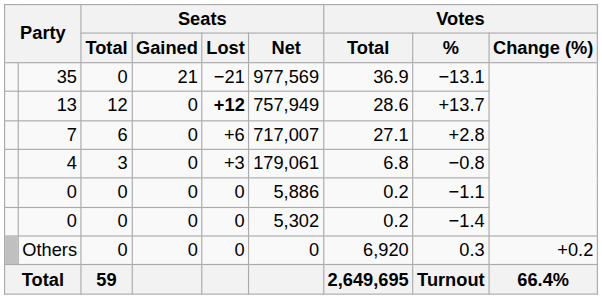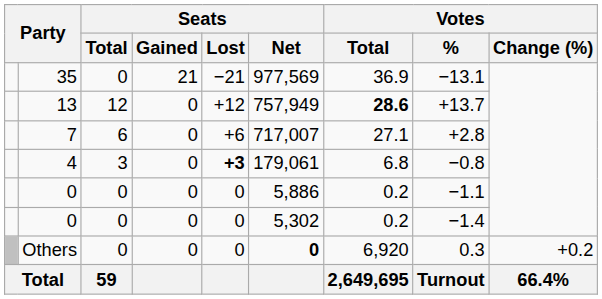 <table class="wikitable" style="text-align:right;">
 <tr>
 <th colspan="2" rowspan="2">Party</th>
 <th colspan="4">Seats</th>
 <th colspan="3">Votes</th>
 </tr>
 <tr>
 <th>Total</th>
 <th>Gained</th>
 <th>Lost</th>
 <th>Net</th>
 <th>Total</th>
 <th>%</th>
 <th>Change (%)</th>
 </tr>
 <tr>
 <td></td>
 <td>35</td>
 <td>0</td>
 <td>21</td>
 <td>−21</td>
 <td>977,569</td>
 <td>36.9</td>
 <td>−13.1</td>
 </tr>
 <tr>
 <td></td>
 <td>13</td>
 <td>12</td>
 <td>0</td>
-<td><strong>+12</strong></td>
+<td>+12</td>
 <td>757,949</td>
-<td>28.6</td>
+<td><strong>28.6</strong></td>
 <td>+13.7</td>
 </tr>
 <tr>
 <td></td>
 <td>7</td>
 <td>6</td>
 <td>0</td>
 <td>+6</td>
 <td>717,007</td>
 <td>27.1</td>
 <td>+2.8</td>
 </tr>
 <tr>
 <td></td>
 <td>4</td>
 <td>3</td>
 <td>0</td>
-<td>+3</td>
+<td><strong>+3</strong></td>
 <td>179,061</td>
 <td>6.8</td>
 <td>−0.8</td>
 </tr>
 <tr>
 <td></td>
 <td>0</td>
 <td>0</td>
 <td>0</td>
 <td>0</td>
 <td>5,886</td>
 <td>0.2</td>
 <td>−1.1</td>
 </tr>
 <tr>
 <td></td>
 <td>0</td>
 <td>0</td>
 <td>0</td>
 <td>0</td>
 <td>5,302</td>
 <td>0.2</td>
 <td>−1.4</td>
 </tr>
 <tr>
 <td style="background:silver;"> </td>
 <td align=left>Others</td>
 <td>0</td>
 <td>0</td>
 <td>0</td>
-<td>0</td>
+<td><strong>0</strong></td>
 <td>6,920</td>
 <td>0.3</td>
 <td>+0.2</td>
 </tr>
 <tr>
 <th colspan="2"><strong>Total</strong></th>
 <th>59</th>
 <th></th>
 <th></th>
 <th></th>
 <th>2,649,695</th>
 <th>Turnout</th>
 <th>66.4%</th>
 </tr>
 </table>
